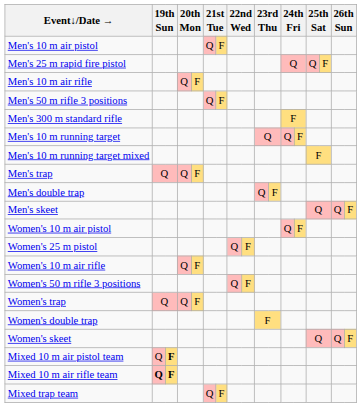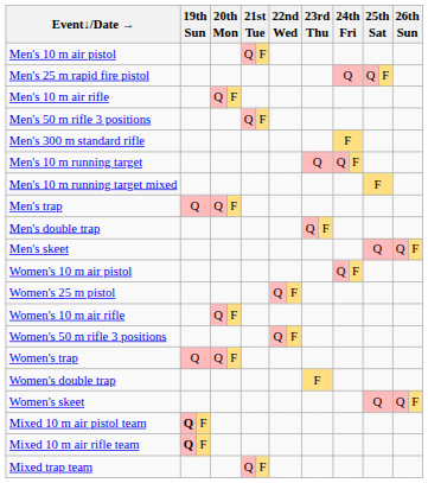 <table class="wikitable" style="margin:0.5em auto; font-size:90%; line-height:1.25em; text-align:center;">
 <tr>
 <th>Event↓/Date →</th>
 <th colspan=2>19th<br>Sun</th>
 <th colspan=2>20th<br>Mon</th>
 <th colspan=2>21st<br>Tue</th>
 <th colspan=2>22nd<br>Wed</th>
 <th colspan=2>23rd<br>Thu</th>
 <th colspan=2>24th<br>Fri</th>
 <th colspan=2>25th<br>Sat</th>
 <th colspan=2>26th<br>Sun</th>
 </tr>
 <tr>
 <td align=left><a href='#'>Men's 10 m air pistol</a></td>
 <td colspan=2></td>
 <td colspan=2></td>
 <td bgcolor="#FFBBBB">Q</td>
 <td bgcolor="#FFDF80">F</td>
 <td colspan=2></td>
 <td colspan=2></td>
 <td colspan=2></td>
 <td colspan=2></td>
 <td colspan=2></td>
 </tr>
 <tr>
 <td align=left><a href='#'>Men's 25 m rapid fire pistol</a></td>
 <td colspan=2></td>
 <td colspan=2></td>
 <td colspan=2></td>
 <td colspan=2></td>
 <td colspan=2></td>
 <td colspan=2 bgcolor="#FFBBBB">Q</td>
 <td bgcolor="#FFBBBB">Q</td>
 <td bgcolor="#FFDF80">F</td>
 <td colspan=2></td>
 </tr>
 <tr>
 <td align=left><a href='#'>Men's 10 m air rifle</a></td>
 <td colspan=2></td>
 <td bgcolor="#FFBBBB">Q</td>
 <td bgcolor="#FFDF80">F</td>
 <td colspan=2></td>
 <td colspan=2></td>
 <td colspan=2></td>
 <td colspan=2></td>
 <td colspan=2></td>
 <td colspan=2></td>
 </tr>
 <tr>
 <td align=left><a href='#'>Men's 50 m rifle 3 positions</a></td>
 <td colspan=2></td>
 <td colspan=2></td>
 <td bgcolor="#FFBBBB">Q</td>
 <td bgcolor="#FFDF80">F</td>
 <td colspan=2></td>
 <td colspan=2></td>
 <td colspan=2></td>
 <td colspan=2></td>
 <td colspan=2></td>
 </tr>
 <tr>
 <td align=left><a href='#'>Men's 300 m standard rifle</a></td>
 <td colspan=2></td>
 <td colspan=2></td>
 <td colspan=2></td>
 <td colspan=2></td>
 <td colspan=2></td>
 <td colspan=2 bgcolor="#FFDF80">F</td>
 <td colspan=2></td>
 <td colspan=2></td>
 </tr>
 <tr>
 <td align=left><a href='#'>Men's 10 m running target</a></td>
 <td colspan=2></td>
 <td colspan=2></td>
 <td colspan=2></td>
 <td colspan=2></td>
 <td colspan=2 bgcolor="#FFBBBB">Q</td>
 <td bgcolor="#FFBBBB">Q</td>
 <td bgcolor="#FFDF80">F</td>
 <td colspan=2></td>
 <td colspan=2></td>
 </tr>
 <tr>
 <td align=left><a href='#'>Men's 10 m running target mixed</a></td>
 <td colspan=2></td>
 <td colspan=2></td>
 <td colspan=2></td>
 <td colspan=2></td>
 <td colspan=2></td>
 <td colspan=2></td>
 <td colspan=2 bgcolor="#FFDF80">F</td>
 <td colspan=2></td>
 </tr>
 <tr>
 <td align=left><a href='#'>Men's trap</a></td>
 <td colspan=2 bgcolor="#FFBBBB">Q</td>
 <td bgcolor="#FFBBBB">Q</td>
 <td bgcolor="#FFDF80">F</td>
 <td colspan=2></td>
 <td colspan=2></td>
 <td colspan=2></td>
 <td colspan=2></td>
 <td colspan=2></td>
 <td colspan=2></td>
 </tr>
 <tr>
 <td align=left><a href='#'>Men's double trap</a></td>
 <td colspan=2></td>
 <td colspan=2></td>
 <td colspan=2></td>
 <td colspan=2></td>
 <td bgcolor="#FFBBBB">Q</td>
 <td bgcolor="#FFDF80">F</td>
 <td colspan=2></td>
 <td colspan=2></td>
 <td colspan=2></td>
 </tr>
 <tr>
 <td align=left><a href='#'>Men's skeet</a></td>
 <td colspan=2></td>
 <td colspan=2></td>
 <td colspan=2></td>
 <td colspan=2></td>
 <td colspan=2></td>
 <td colspan=2></td>
 <td colspan=2 bgcolor="#FFBBBB">Q</td>
 <td bgcolor="#FFBBBB">Q</td>
 <td bgcolor="#FFDF80">F</td>
 </tr>
 <tr>
 <td align=left><a href='#'>Women's 10 m air pistol</a></td>
 <td colspan=2></td>
 <td colspan=2></td>
 <td colspan=2></td>
 <td colspan=2></td>
 <td colspan=2></td>
 <td bgcolor="#FFBBBB">Q</td>
 <td bgcolor="#FFDF80">F</td>
 <td colspan=2></td>
 <td colspan=2></td>
 </tr>
 <tr>
 <td align=left><a href='#'>Women's 25 m pistol</a></td>
 <td colspan=2></td>
 <td colspan=2></td>
 <td colspan=2></td>
 <td bgcolor="#FFBBBB">Q</td>
 <td bgcolor="#FFDF80">F</td>
 <td colspan=2></td>
 <td colspan=2></td>
 <td colspan=2></td>
 <td colspan=2></td>
 </tr>
 <tr>
 <td align=left><a href='#'>Women's 10 m air rifle</a></td>
 <td colspan=2></td>
 <td bgcolor="#FFBBBB">Q</td>
 <td bgcolor="#FFDF80">F</td>
 <td colspan=2></td>
 <td colspan=2></td>
 <td colspan=2></td>
 <td colspan=2></td>
 <td colspan=2></td>
 <td colspan=2></td>
 </tr>
 <tr>
 <td align=left><a href='#'>Women's 50 m rifle 3 positions</a></td>
 <td colspan=2></td>
 <td colspan=2></td>
 <td colspan=2></td>
 <td bgcolor="#FFBBBB">Q</td>
 <td bgcolor="#FFDF80">F</td>
 <td colspan=2></td>
 <td colspan=2></td>
 <td colspan=2></td>
 <td colspan=2></td>
 </tr>
 <tr>
 <td align=left><a href='#'>Women's trap</a></td>
 <td colspan=2 bgcolor="#FFBBBB">Q</td>
 <td bgcolor="#FFBBBB">Q</td>
 <td bgcolor="#FFDF80">F</td>
 <td colspan=2></td>
 <td colspan=2></td>
 <td colspan=2></td>
 <td colspan=2></td>
 <td colspan=2></td>
 <td colspan=2></td>
 </tr>
 <tr>
 <td align=left><a href='#'>Women's double trap</a></td>
 <td colspan=2></td>
 <td colspan=2></td>
 <td colspan=2></td>
 <td colspan=2></td>
 <td colspan=2 bgcolor="#FFDF80">F</td>
 <td colspan=2></td>
 <td colspan=2></td>
 <td colspan=2></td>
 </tr>
 <tr>
 <td align=left><a href='#'>Women's skeet</a></td>
 <td colspan=2></td>
 <td colspan=2></td>
 <td colspan=2></td>
 <td colspan=2></td>
 <td colspan=2></td>
 <td colspan=2></td>
 <td colspan=2 bgcolor="#FFBBBB">Q</td>
 <td bgcolor="#FFBBBB">Q</td>
 <td bgcolor="#FFDF80">F</td>
 </tr>
 <tr>
 <td align=left><a href='#'>Mixed 10 m air pistol team</a></td>
-<td bgcolor="#FFBBBB">Q</td>
-<td bgcolor="#FFDF80"><strong>F</strong></td>
+<td bgcolor="#FFBBBB"><strong>Q</strong></td>
+<td bgcolor="#FFDF80">F</td>
 <td colspan=2></td>
 <td colspan=2></td>
 <td colspan=2></td>
 <td colspan=2></td>
 <td colspan=2></td>
 <td colspan=2></td>
 <td colspan=2></td>
 </tr>
 <tr>
 <td align=left><a href='#'>Mixed 10 m air rifle team</a></td>
 <td bgcolor="#FFBBBB"><strong>Q</strong></td>
-<td bgcolor="#FFDF80"><strong>F</strong></td>
+<td bgcolor="#FFDF80">F</td>
 <td colspan=2></td>
 <td colspan=2></td>
 <td colspan=2></td>
 <td colspan=2></td>
 <td colspan=2></td>
 <td colspan=2></td>
 <td colspan=2></td>
 </tr>
 <tr>
 <td align=left><a href='#'>Mixed trap team</a></td>
 <td colspan=2></td>
 <td colspan=2></td>
 <td bgcolor="#FFBBBB">Q</td>
 <td bgcolor="#FFDF80">F</td>
 <td colspan=2></td>
 <td colspan=2></td>
 <td colspan=2></td>
 <td colspan=2></td>
 <td colspan=2></td>
 </tr>
 </table>
